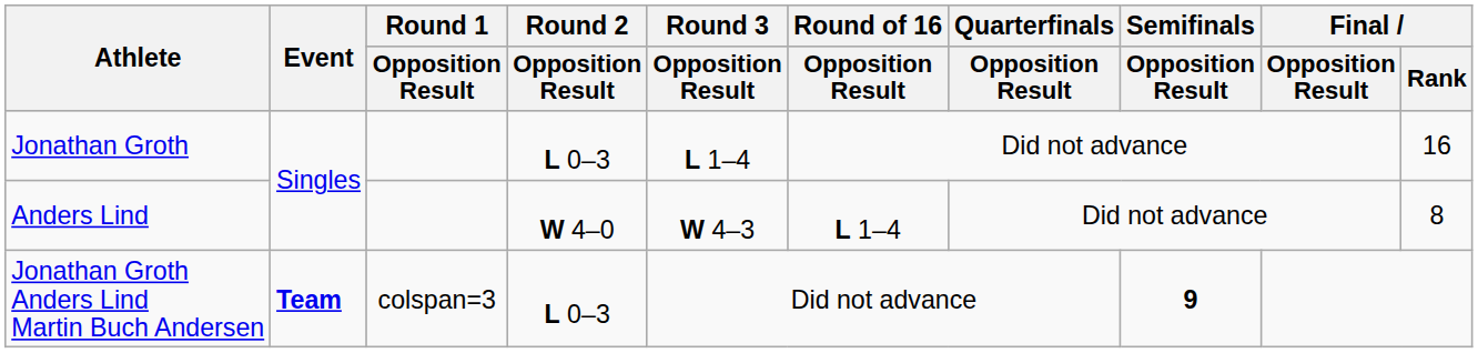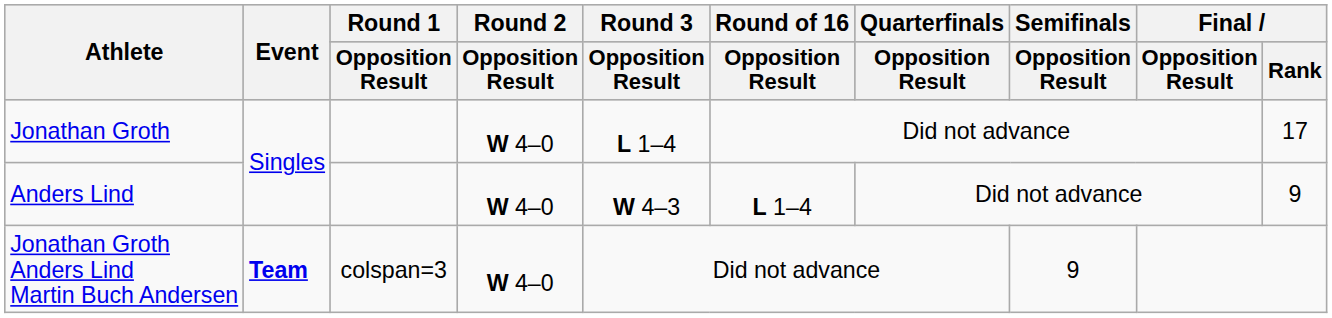 <table class=wikitable style=font-size:90%;text-align:center>
 <tr>
 <th rowspan=2>Athlete</th>
 <th rowspan=2>Event</th>
 <th>Round 1</th>
 <th>Round 2</th>
 <th>Round 3</th>
 <th>Round of 16</th>
 <th>Quarterfinals</th>
 <th>Semifinals</th>
 <th colspan=2>Final / </th>
 </tr>
 <tr style=font-size:95%>
 <th>Opposition<br>Result</th>
 <th>Opposition<br>Result</th>
 <th>Opposition<br>Result</th>
 <th>Opposition<br>Result</th>
 <th>Opposition<br>Result</th>
 <th>Opposition<br>Result</th>
 <th>Opposition<br>Result</th>
 <th>Rank</th>
 </tr>
 <tr>
 <td align=left><a href='#'>Jonathan Groth</a></td>
 <td align=left rowspan=2><a href='#'>Singles</a></td>
 <td></td>
-<td><br><strong>L</strong> 0–3</td>
+<td><br><strong>W</strong> 4–0</td>
 <td><br><strong>L</strong> 1–4</td>
 <td colspan=4>Did not advance</td>
-<td>16</td>
+<td>17</td>
 </tr>
 <tr align=center>
 <td align=left><a href='#'>Anders Lind</a></td>
 <td></td>
 <td><br><strong>W</strong> 4–0</td>
 <td><br><strong>W</strong> 4–3</td>
 <td><br><strong>L</strong> 1–4</td>
 <td colspan="3">Did not advance</td>
-<td>8</td>
+<td>9</td>
 </tr>
 <tr>
 <td align=left><a href='#'>Jonathan Groth</a><br><a href='#'>Anders Lind</a><br><a href='#'>Martin Buch Andersen</a></td>
 <td align=left><strong><a href='#'>Team</a></strong></td>
 <td>colspan=3 </td>
-<td><br><strong>L</strong> 0–3</td>
+<td><br><strong>W</strong> 4–0</td>
 <td colspan="3">Did not advance</td>
-<td><strong>9</strong></td>
+<td>9</td>
 </tr>
 </table>
